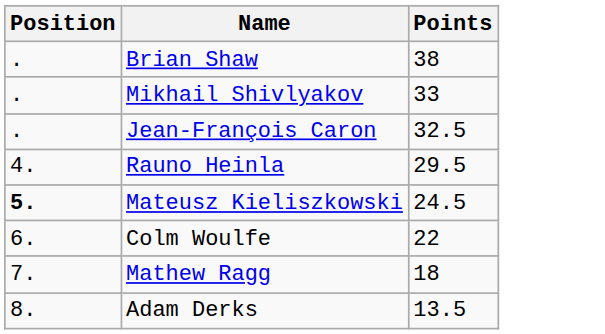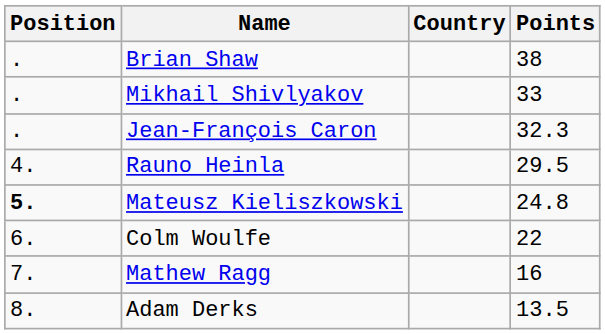 <table class="wikitable" style="display: inline-table">
 <tr>
 <th>Position</th>
 <th>Name</th>
+<th>Country</th>
 <th>Points</th>
 </tr>
 <tr>
 <td>.</td>
 <td><a href='#'>Brian Shaw</a></td>
+<td></td>
 <td>38</td>
 </tr>
 <tr>
 <td>.</td>
 <td><a href='#'>Mikhail Shivlyakov</a></td>
+<td></td>
 <td>33</td>
 </tr>
 <tr>
 <td>.</td>
 <td><a href='#'>Jean-François Caron</a></td>
-<td>32.5</td>
+<td></td>
+<td>32.3</td>
 </tr>
 <tr>
 <td>4.</td>
 <td><a href='#'>Rauno Heinla</a></td>
+<td></td>
 <td>29.5</td>
 </tr>
 <tr>
 <td><strong>5.</strong></td>
 <td><a href='#'>Mateusz Kieliszkowski</a></td>
-<td>24.5</td>
+<td></td>
+<td>24.8</td>
 </tr>
 <tr>
 <td>6.</td>
 <td>Colm Woulfe</td>
+<td></td>
 <td>22</td>
 </tr>
 <tr>
 <td>7.</td>
 <td><a href='#'>Mathew Ragg</a></td>
-<td>18</td>
+<td></td>
+<td>16</td>
 </tr>
 <tr>
 <td>8.</td>
 <td>Adam Derks</td>
+<td></td>
 <td>13.5</td>
 </tr>
 </table>
